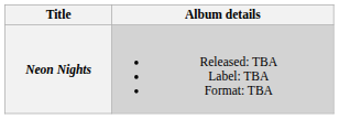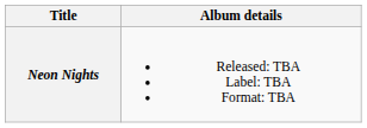 <table class="wikitable plainrowheaders" style="text-align:center;">
 <tr>
 <th scope="col" style="width:8em;">Title</th>
 <th scope="col" style="width:17em;">Album details</th>
 </tr>
 <tr>
 <th scope="row"><em>Neon Nights</em></th>
-<td style="background: lightgrey;"><br><ul><li>Released: TBA</li><li>Label: TBA</li><li>Format: TBA</li></ul></td>
+<td><br><ul><li>Released: TBA</li><li>Label: TBA</li><li>Format: TBA</li></ul></td>
 </tr>
 </table>
